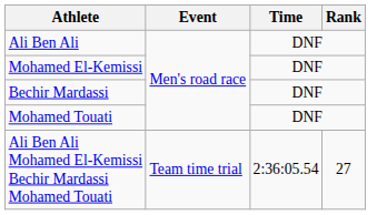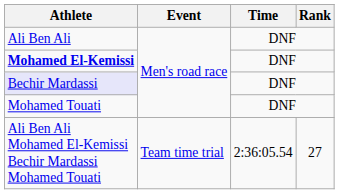 <table class=wikitable style="font-size:90%">
 <tr>
 <th>Athlete</th>
 <th>Event</th>
 <th>Time</th>
 <th>Rank</th>
 </tr>
 <tr align=center>
 <td align=left><a href='#'>Ali Ben Ali</a></td>
 <td align=left rowspan=4><a href='#'>Men's road race</a></td>
 <td colspan=2>DNF</td>
 </tr>
 <tr align=center>
-<td align=left><a href='#'>Mohamed El-Kemissi</a></td>
+<td align=left><strong><a href='#'>Mohamed El-Kemissi</a></strong></td>
 <td colspan=2>DNF</td>
 </tr>
 <tr align=center>
-<td align=left rowspan=1><a href='#'>Bechir Mardassi</a></td>
+<td align=left rowspan=1 style="background: lavender;"><a href='#'>Bechir Mardassi</a></td>
 <td colspan=2>DNF</td>
 </tr>
 <tr align=center>
 <td align=left rowspan=1><a href='#'>Mohamed Touati</a></td>
 <td colspan=2>DNF</td>
 </tr>
 <tr align=center>
 <td align=left><a href='#'>Ali Ben Ali</a><br><a href='#'>Mohamed El-Kemissi</a><br><a href='#'>Bechir Mardassi</a><br><a href='#'>Mohamed Touati</a></td>
 <td align=left><a href='#'>Team time trial</a></td>
 <td>2:36:05.54</td>
 <td>27</td>
 </tr>
 </table>
